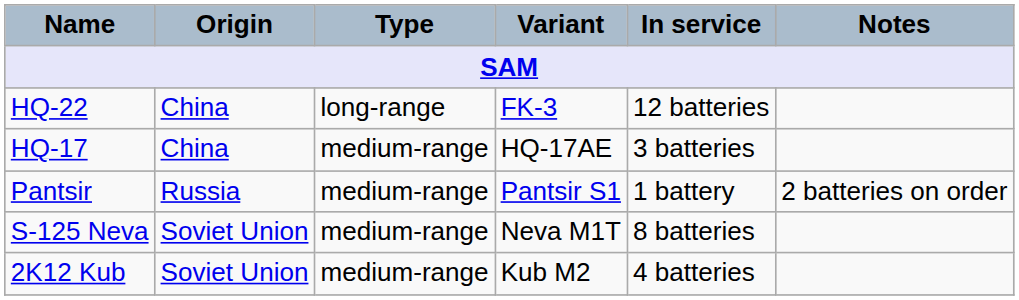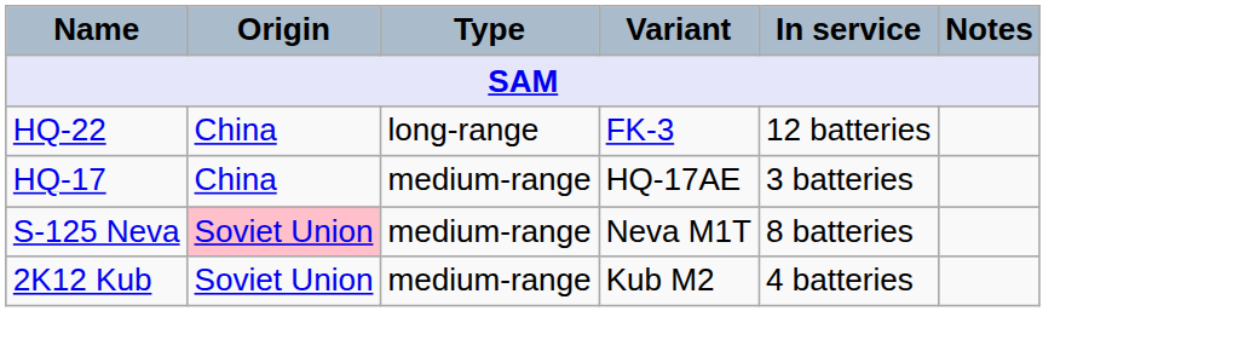 <table class="wikitable">
 <tr>
 <th style="text-align:center; background:#aabccc;">Name</th>
 <th style="text-align: center; background:#aabccc;">Origin</th>
 <th style="text-align:l center; background:#aabccc;">Type</th>
 <th style="text-align:l center; background:#aabccc;">Variant</th>
 <th style="text-align:l center; background:#aabccc;">In service</th>
 <th style="text-align: center; background:#aabccc;">Notes</th>
 </tr>
 <tr>
 <th colspan="6" style="align: center; background: lavender;"><a href='#'>SAM</a></th>
 </tr>
 <tr>
 <td><a href='#'>HQ-22</a></td>
 <td><a href='#'>China</a></td>
 <td>long-range</td>
 <td><a href='#'>FK-3</a></td>
 <td>12 batteries</td>
 <td></td>
 </tr>
 <tr>
 <td><a href='#'>HQ-17</a></td>
 <td><a href='#'>China</a></td>
 <td>medium-range</td>
 <td>HQ-17AE</td>
 <td>3 batteries</td>
 </tr>
 <tr>
-<td><a href='#'>Pantsir</a></td>
-<td><a href='#'>Russia</a></td>
-<td>medium-range</td>
-<td><a href='#'>Pantsir S1</a></td>
-<td>1 battery</td>
-<td>2 batteries on order</td>
-</tr>
-<tr>
 <td><a href='#'>S-125 Neva</a></td>
-<td><a href='#'>Soviet Union</a></td>
+<td style="background: pink;"><a href='#'>Soviet Union</a></td>
 <td>medium-range</td>
 <td>Neva M1T</td>
 <td>8 batteries</td>
 <td></td>
 </tr>
 <tr>
 <td><a href='#'>2K12 Kub</a></td>
 <td><a href='#'>Soviet Union</a></td>
 <td>medium-range</td>
 <td>Kub M2</td>
 <td>4 batteries</td>
 <td></td>
 </tr>
 </table>
